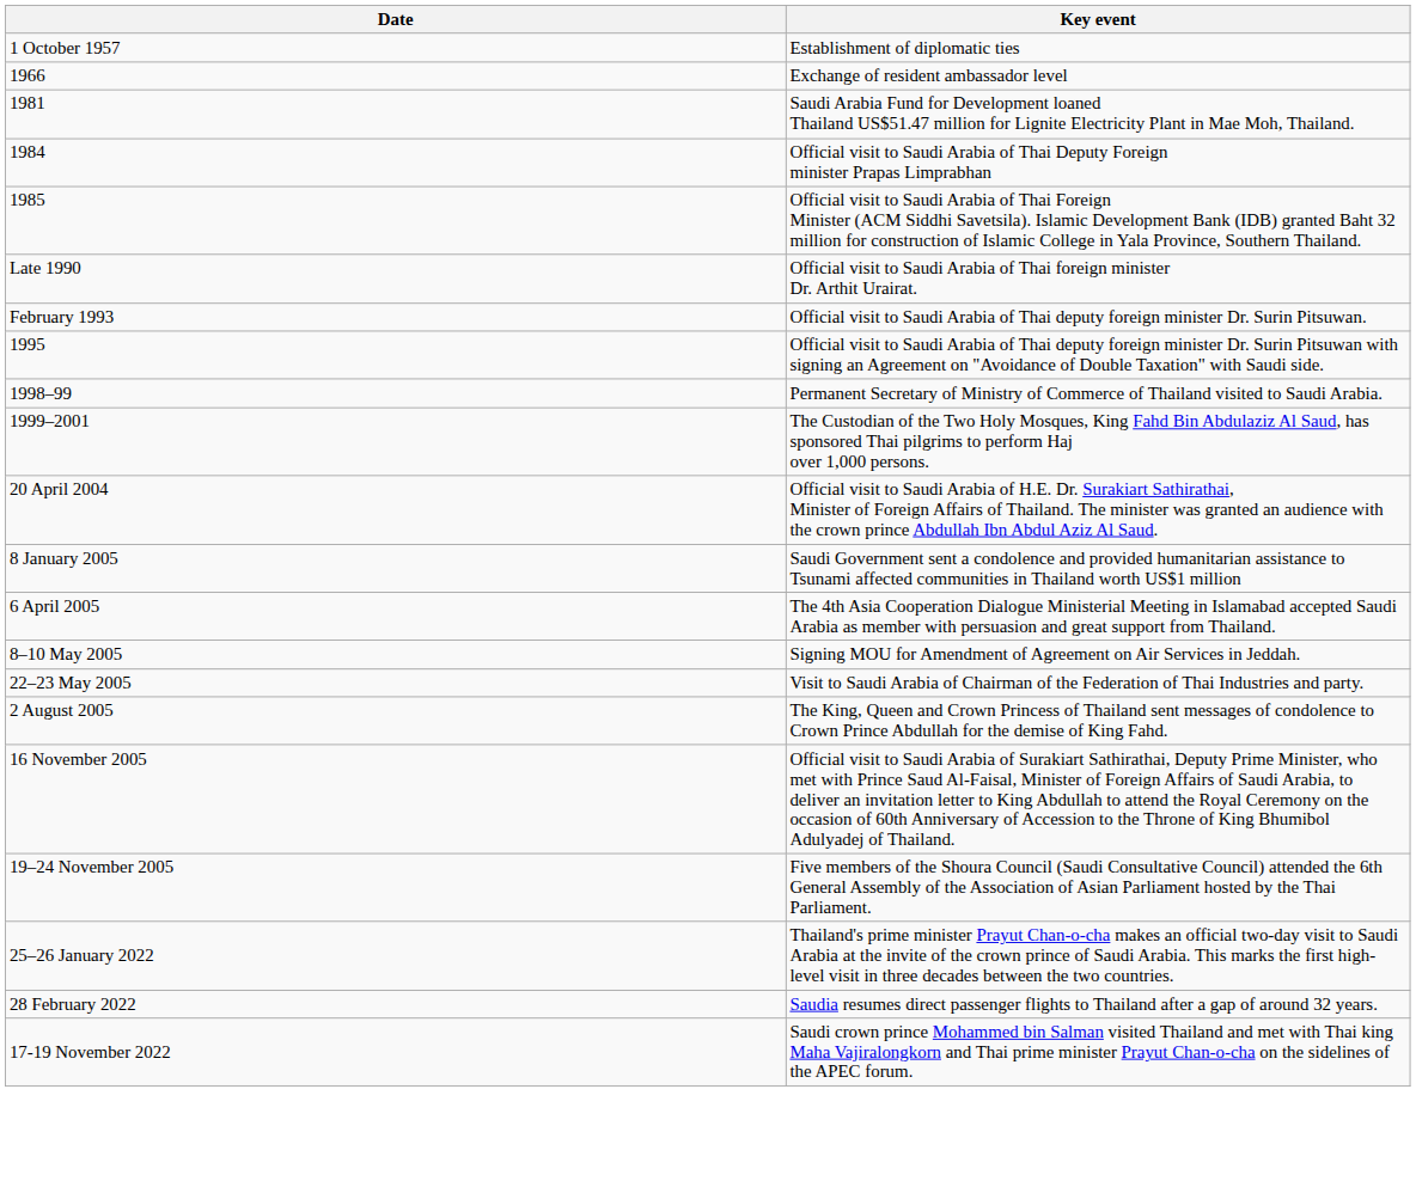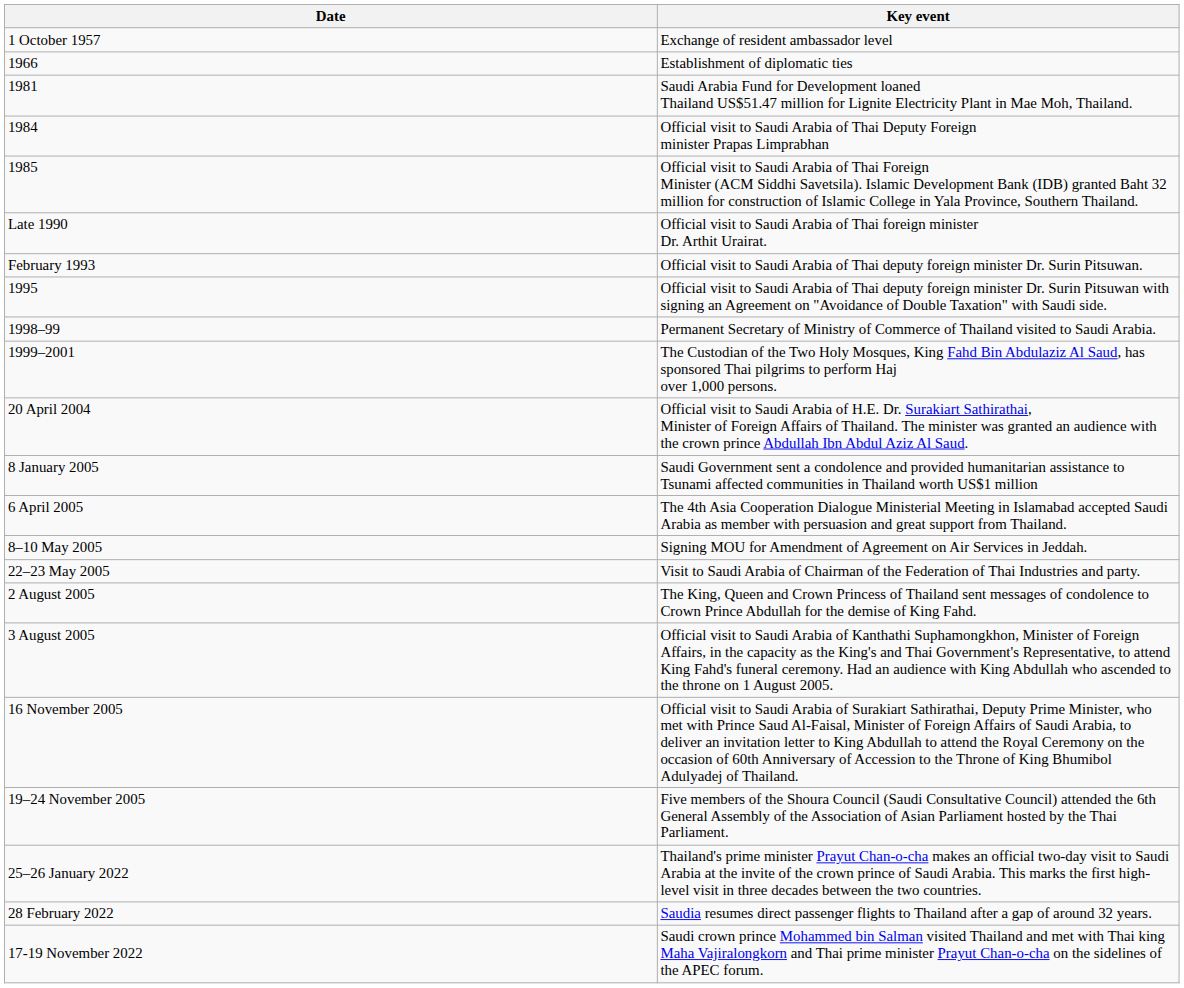 <table class="wikitable sortable" style="width:100%; margin:auto;">
 <tr>
 <th style="width:15%;">Date</th>
 <th style="width:12%;">Key event</th>
 </tr>
 <tr valign="top">
 <td> 1 October 1957</td>
-<td>Establishment of diplomatic ties</td>
+<td>Exchange of resident ambassador level</td>
 </tr>
 <tr valign="top">
 <td> 1966</td>
-<td>Exchange of resident ambassador level</td>
+<td>Establishment of diplomatic ties</td>
 </tr>
 <tr valign="top">
 <td> 1981</td>
 <td>Saudi Arabia Fund for Development loaned<br>Thailand US$51.47 million for Lignite Electricity Plant in Mae Moh, Thailand.</td>
 </tr>
 <tr valign="top">
 <td> 1984</td>
 <td>Official visit to Saudi Arabia of Thai Deputy Foreign<br>minister Prapas Limprabhan</td>
 </tr>
 <tr valign="top">
 <td> 1985</td>
 <td>Official visit to Saudi Arabia of Thai Foreign<br>Minister (ACM Siddhi Savetsila). 	 Islamic Development Bank (IDB) granted Baht 32 million for construction of Islamic College in Yala Province, Southern Thailand.</td>
 </tr>
 <tr valign="top">
 <td>  Late 1990</td>
 <td>Official visit to Saudi Arabia of Thai foreign minister<br>Dr. Arthit Urairat.</td>
 </tr>
 <tr valign="top">
 <td>   February 1993</td>
 <td>Official visit to Saudi Arabia of Thai deputy foreign minister Dr. Surin Pitsuwan.</td>
 </tr>
 <tr valign="top">
 <td>  1995</td>
 <td>Official visit to Saudi Arabia of Thai deputy foreign minister Dr. Surin Pitsuwan with signing an Agreement on "Avoidance of Double Taxation" with Saudi side.</td>
 </tr>
 <tr valign="top">
 <td>  1998–99</td>
 <td>Permanent Secretary of Ministry of Commerce of Thailand visited to Saudi Arabia.</td>
 </tr>
 <tr valign="top">
 <td>  1999–2001</td>
 <td>The Custodian of the Two Holy Mosques, King <a href='#'>Fahd Bin Abdulaziz Al Saud</a>, has sponsored Thai pilgrims to perform Haj<br>over 1,000 persons.</td>
 </tr>
 <tr valign="top">
 <td>  20 April 2004</td>
 <td>Official visit to Saudi Arabia of H.E. Dr. <a href='#'>Surakiart Sathirathai</a>,<br>Minister of Foreign Affairs of Thailand. The minister was granted an audience with the crown prince <a href='#'>Abdullah Ibn Abdul Aziz Al Saud</a>.</td>
 </tr>
 <tr valign="top">
 <td>  8 January 2005</td>
 <td>Saudi Government sent a condolence and provided humanitarian assistance to Tsunami affected communities in Thailand worth US$1 million</td>
 </tr>
 <tr valign="top">
 <td>  6 April 2005</td>
 <td>The 4th Asia Cooperation Dialogue Ministerial Meeting in Islamabad accepted Saudi Arabia as member with persuasion and great support from Thailand.</td>
 </tr>
 <tr valign="top">
 <td>  8–10 May 2005</td>
 <td>Signing MOU for Amendment of Agreement on Air Services in Jeddah.</td>
 </tr>
 <tr valign="top">
 <td>  22–23 May 2005</td>
 <td>Visit to Saudi Arabia of Chairman of the Federation of Thai Industries and party.</td>
 </tr>
 <tr valign="top">
 <td>  2 August 2005</td>
 <td>The King, Queen and Crown Princess of Thailand sent messages of condolence to Crown Prince Abdullah for the demise of King Fahd.</td>
 </tr>
 <tr valign="top">
+<td>  3 August 2005</td>
+<td>Official visit to Saudi Arabia of Kanthathi Suphamongkhon, Minister of Foreign Affairs, in the capacity as the King's and Thai Government's Representative, to attend King Fahd's funeral ceremony. Had an audience with King Abdullah who ascended to the throne on 1 August 2005.</td>
+</tr>
+<tr valign="top">
 <td>  16 November 2005</td>
 <td>Official visit to Saudi Arabia of Surakiart Sathirathai, Deputy Prime Minister, who met with Prince Saud Al-Faisal, Minister of Foreign Affairs of Saudi Arabia, to deliver an invitation letter to King Abdullah to attend the Royal Ceremony on the occasion of 60th Anniversary of Accession to the Throne of King Bhumibol Adulyadej of Thailand.</td>
 </tr>
 <tr valign="top">
 <td>  19–24 November 2005</td>
 <td>Five members of the Shoura Council (Saudi Consultative Council) attended the 6th General Assembly of the Association of Asian Parliament hosted by the Thai Parliament.</td>
 </tr>
 <tr>
 <td>25–26 January 2022</td>
 <td>Thailand's prime minister <a href='#'>Prayut Chan-o-cha</a> makes an official two-day visit to Saudi Arabia at the invite of the crown prince of Saudi Arabia. This marks the first high-level visit in three decades between the two countries.</td>
 </tr>
 <tr>
 <td>28 February 2022</td>
 <td><a href='#'>Saudia</a> resumes direct passenger flights to Thailand after a gap of around 32 years.</td>
 </tr>
 <tr>
 <td>17-19 November 2022</td>
 <td>Saudi crown prince <a href='#'>Mohammed bin Salman</a> visited Thailand and met with Thai king <a href='#'>Maha Vajiralongkorn</a> and Thai prime minister <a href='#'>Prayut Chan-o-cha</a> on the sidelines of the APEC forum.</td>
 </tr>
 </table>
